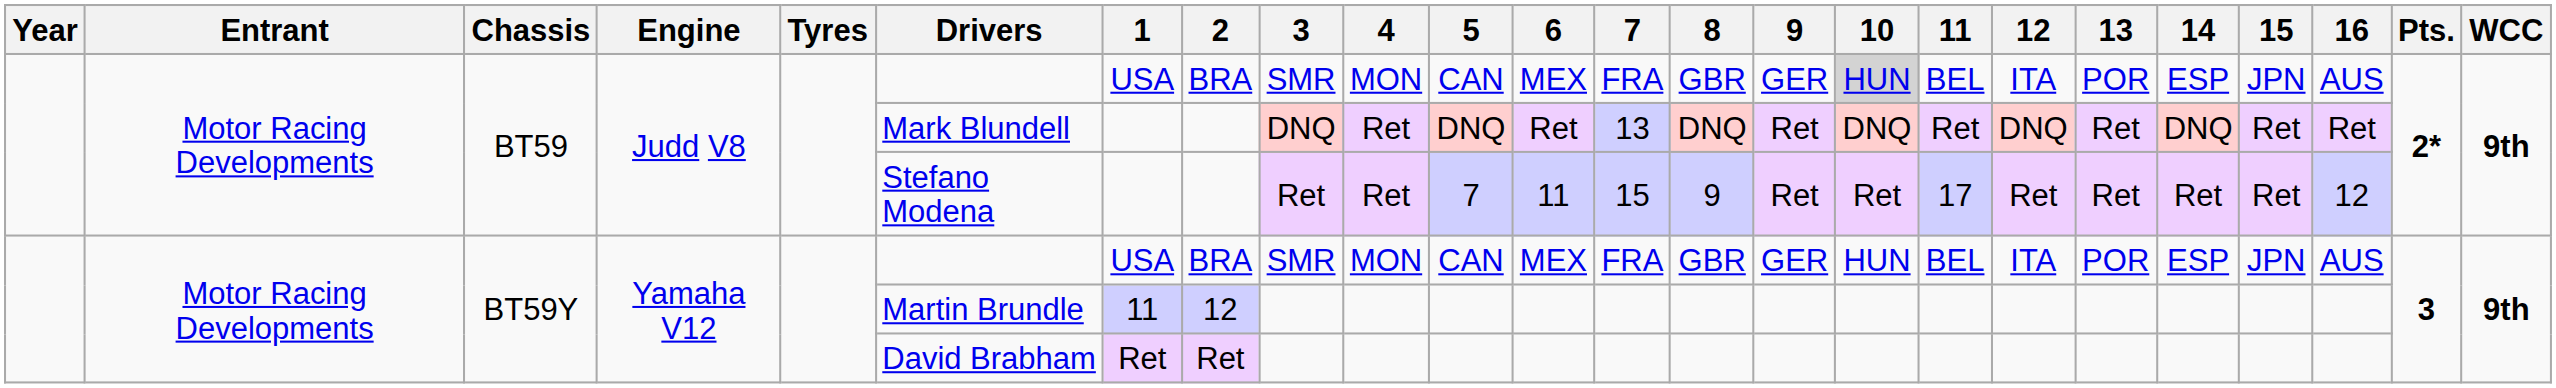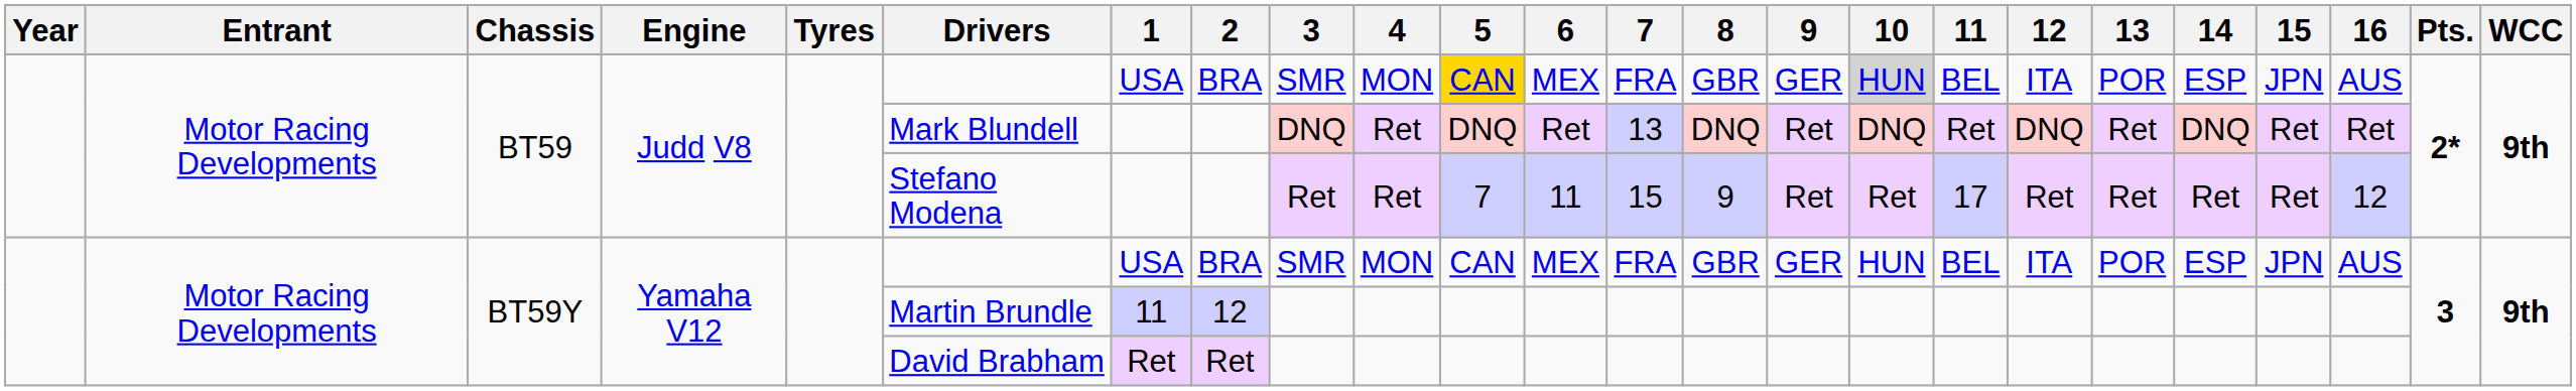 <table class="wikitable" style="text-align:center; font-size:95%">
 <tr>
 <th>Year</th>
 <th>Entrant</th>
 <th>Chassis</th>
 <th>Engine</th>
 <th>Tyres</th>
 <th>Drivers</th>
 <th>1</th>
 <th>2</th>
 <th>3</th>
 <th>4</th>
 <th>5</th>
 <th>6</th>
 <th>7</th>
 <th>8</th>
 <th>9</th>
 <th>10</th>
 <th>11</th>
 <th>12</th>
 <th>13</th>
 <th>14</th>
 <th>15</th>
 <th>16</th>
 <th>Pts.</th>
 <th>WCC</th>
 </tr>
 <tr>
 <td rowspan="3"></td>
 <td rowspan="3"><a href='#'>Motor Racing Developments</a></td>
 <td rowspan="3">BT59</td>
 <td rowspan="3"><a href='#'>Judd</a> <a href='#'>V8</a></td>
 <td rowspan="3"></td>
 <td></td>
 <td><a href='#'>USA</a></td>
 <td><a href='#'>BRA</a></td>
 <td><a href='#'>SMR</a></td>
 <td><a href='#'>MON</a></td>
-<td><a href='#'>CAN</a></td>
+<td style="background: gold;"><a href='#'>CAN</a></td>
 <td><a href='#'>MEX</a></td>
 <td><a href='#'>FRA</a></td>
 <td><a href='#'>GBR</a></td>
 <td><a href='#'>GER</a></td>
 <td style="background: lightgrey;"><a href='#'>HUN</a></td>
 <td><a href='#'>BEL</a></td>
 <td><a href='#'>ITA</a></td>
 <td><a href='#'>POR</a></td>
 <td><a href='#'>ESP</a></td>
 <td><a href='#'>JPN</a></td>
 <td><a href='#'>AUS</a></td>
 <td rowspan="3"><strong>2*</strong></td>
 <td rowspan="3"><strong>9th</strong></td>
 </tr>
 <tr>
 <td align="left"><a href='#'>Mark Blundell</a></td>
 <td></td>
 <td></td>
 <td style="background:#FFCFCF;">DNQ</td>
 <td style="background:#EFCFFF;">Ret</td>
 <td style="background:#FFCFCF;">DNQ</td>
 <td style="background:#EFCFFF;">Ret</td>
 <td style="background:#CFCFFF;">13</td>
 <td style="background:#FFCFCF;">DNQ</td>
 <td style="background:#EFCFFF;">Ret</td>
 <td style="background:#FFCFCF;">DNQ</td>
 <td style="background:#EFCFFF;">Ret</td>
 <td style="background:#FFCFCF;">DNQ</td>
 <td style="background:#EFCFFF;">Ret</td>
 <td style="background:#FFCFCF;">DNQ</td>
 <td style="background:#EFCFFF;">Ret</td>
 <td style="background:#EFCFFF;">Ret</td>
 </tr>
 <tr>
 <td align="left"><a href='#'>Stefano Modena</a></td>
 <td></td>
 <td></td>
 <td style="background:#EFCFFF;">Ret</td>
 <td style="background:#EFCFFF;">Ret</td>
 <td style="background:#CFCFFF;">7</td>
 <td style="background:#CFCFFF;">11</td>
 <td style="background:#CFCFFF;">15</td>
 <td style="background:#CFCFFF;">9</td>
 <td style="background:#EFCFFF;">Ret</td>
 <td style="background:#EFCFFF;">Ret</td>
 <td style="background:#CFCFFF;">17</td>
 <td style="background:#EFCFFF;">Ret</td>
 <td style="background:#EFCFFF;">Ret</td>
 <td style="background:#EFCFFF;">Ret</td>
 <td style="background:#EFCFFF;">Ret</td>
 <td style="background:#CFCFFF;">12</td>
 </tr>
 <tr>
 <td rowspan="3"></td>
 <td rowspan="3"><a href='#'>Motor Racing Developments</a></td>
 <td rowspan="3">BT59Y</td>
 <td rowspan="3"><a href='#'>Yamaha</a> <a href='#'>V12</a></td>
 <td rowspan="3"></td>
 <td></td>
 <td><a href='#'>USA</a></td>
 <td><a href='#'>BRA</a></td>
 <td><a href='#'>SMR</a></td>
 <td><a href='#'>MON</a></td>
 <td><a href='#'>CAN</a></td>
 <td><a href='#'>MEX</a></td>
 <td><a href='#'>FRA</a></td>
 <td><a href='#'>GBR</a></td>
 <td><a href='#'>GER</a></td>
 <td><a href='#'>HUN</a></td>
 <td><a href='#'>BEL</a></td>
 <td><a href='#'>ITA</a></td>
 <td><a href='#'>POR</a></td>
 <td><a href='#'>ESP</a></td>
 <td><a href='#'>JPN</a></td>
 <td><a href='#'>AUS</a></td>
 <td rowspan="3"><strong>3</strong></td>
 <td rowspan="3"><strong>9th</strong></td>
 </tr>
 <tr>
 <td align="left"><a href='#'>Martin Brundle</a></td>
 <td style="background:#CFCFFF;">11</td>
 <td style="background:#CFCFFF;">12</td>
 <td></td>
 <td></td>
 <td></td>
 <td></td>
 <td></td>
 <td></td>
 <td></td>
 <td></td>
 <td></td>
 <td></td>
 <td></td>
 <td></td>
 <td></td>
 <td></td>
 </tr>
 <tr>
 <td align="left"><a href='#'>David Brabham</a></td>
 <td style="background:#EFCFFF;">Ret</td>
 <td style="background:#EFCFFF;">Ret</td>
 <td></td>
 <td></td>
 <td></td>
 <td></td>
 <td></td>
 <td></td>
 <td></td>
 <td></td>
 <td></td>
 <td></td>
 <td></td>
 <td></td>
 <td></td>
 <td></td>
 </tr>
 </table>
